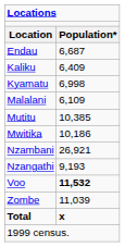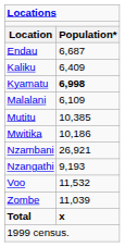 <table class="wikitable">
 <tr>
 <td colspan="2"><strong><a href='#'>Locations</a></strong></td>
 </tr>
 <tr>
 <td colspan="2"></td>
 </tr>
 <tr>
 <th>Location</th>
 <th>Population*</th>
 </tr>
 <tr>
 <td><a href='#'>Endau</a></td>
 <td>6,687</td>
 </tr>
 <tr>
 <td><a href='#'>Kaliku</a></td>
 <td>6,409</td>
 </tr>
 <tr>
 <td><a href='#'>Kyamatu</a></td>
-<td>6,998</td>
+<td><strong>6,998</strong></td>
 </tr>
 <tr>
 <td><a href='#'>Malalani</a></td>
 <td>6,109</td>
 </tr>
 <tr>
 <td><a href='#'>Mutitu</a></td>
 <td>10,385</td>
 </tr>
 <tr>
 <td><a href='#'>Mwitika</a></td>
 <td>10,186</td>
 </tr>
 <tr>
 <td><a href='#'>Nzambani</a></td>
 <td>26,921</td>
 </tr>
 <tr>
 <td><a href='#'>Nzangathi</a></td>
 <td>9,193</td>
 </tr>
 <tr>
 <td><a href='#'>Voo</a></td>
-<td><strong>11,532</strong></td>
+<td>11,532</td>
 </tr>
 <tr>
 <td><a href='#'>Zombe</a></td>
 <td>11,039</td>
 </tr>
 <tr>
 <td><strong>Total</strong></td>
 <td><strong>x</strong></td>
 </tr>
 <tr>
 <td colspan="2">1999 census.</td>
 </tr>
 </table>
